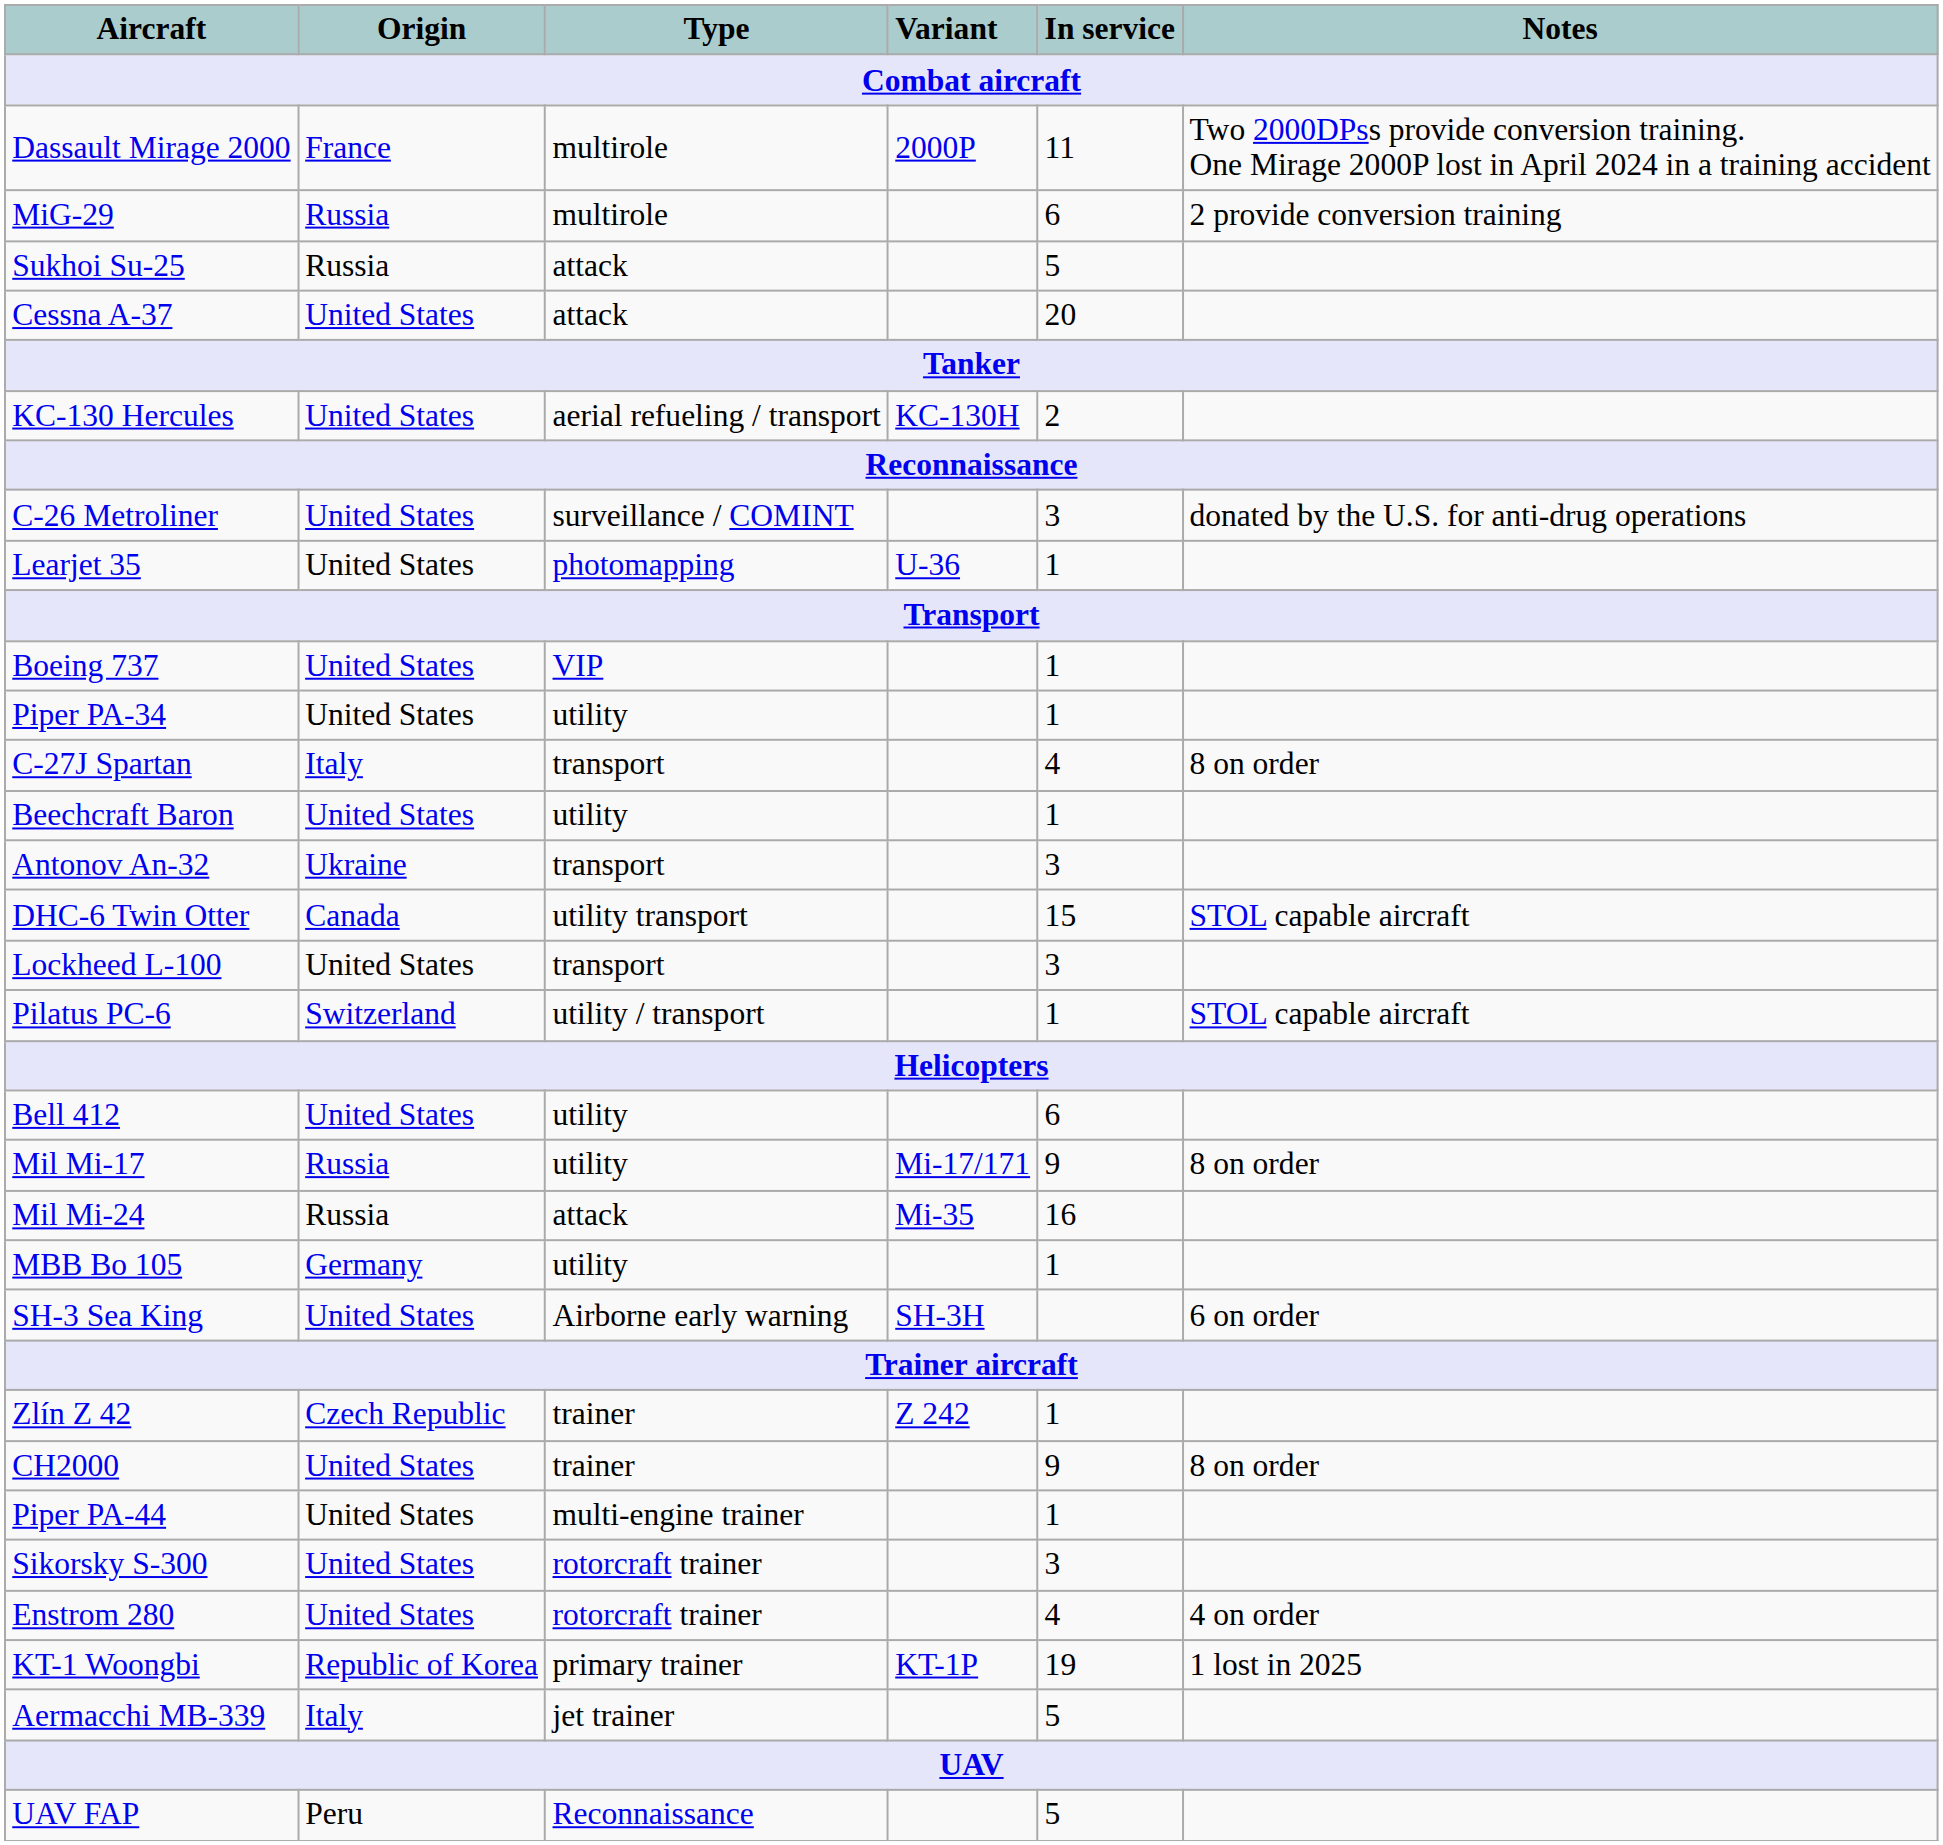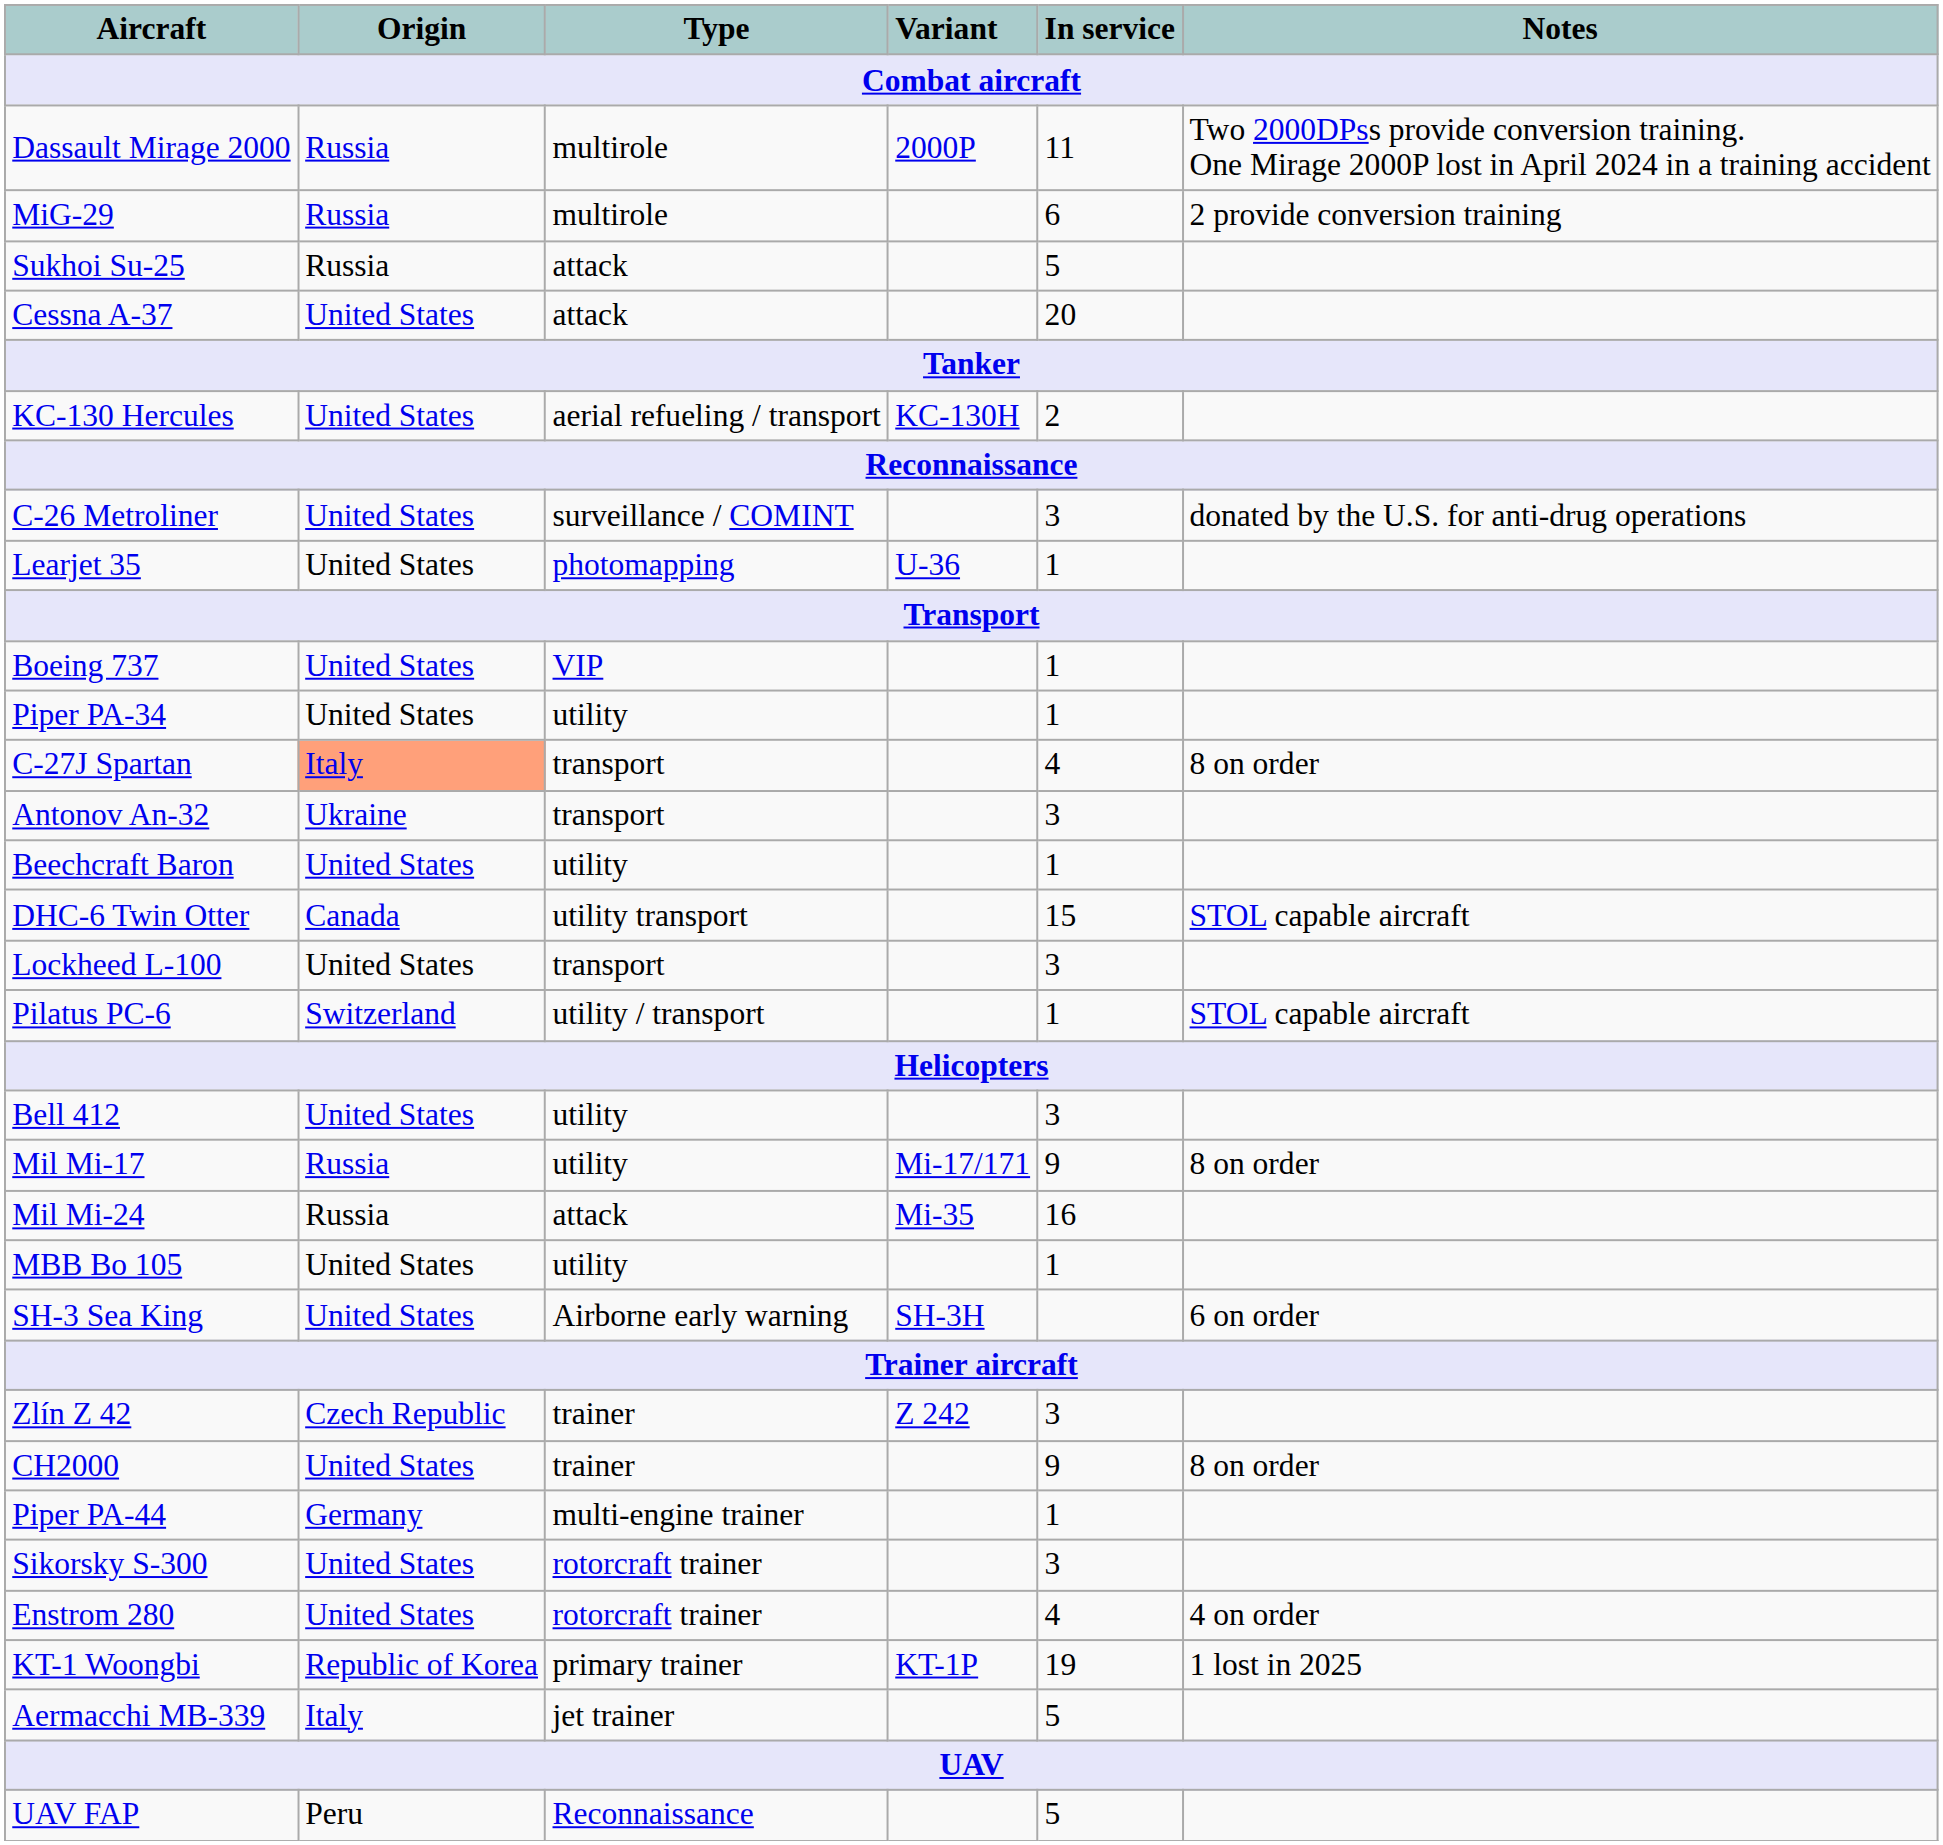 <table class="wikitable">
 <tr>
 <th style="text-align:center; background:#acc;">Aircraft</th>
 <th style="text-align: center; background:#acc;">Origin</th>
 <th style="text-align:l center; background:#acc;">Type</th>
 <th style="text-align:left; background:#acc;">Variant</th>
 <th style="text-align:center; background:#acc;">In service</th>
 <th style="text-align: center; background:#acc;">Notes</th>
 </tr>
 <tr>
 <th colspan="6" style="align: center; background: lavender;"><a href='#'>Combat aircraft</a></th>
 </tr>
 <tr>
 <td><a href='#'>Dassault Mirage 2000</a></td>
-<td><a href='#'>France</a></td>
+<td><a href='#'>Russia</a></td>
 <td>multirole</td>
 <td><a href='#'>2000P</a></td>
 <td>11</td>
 <td>Two <a href='#'>2000DPs</a>s provide conversion training.<br>One Mirage 2000P lost in April 2024 in a training accident</td>
 </tr>
 <tr>
 <td><a href='#'>MiG-29</a></td>
 <td><a href='#'>Russia</a></td>
 <td>multirole</td>
 <td></td>
 <td>6</td>
 <td>2 provide conversion training</td>
 </tr>
 <tr>
 <td><a href='#'>Sukhoi Su-25</a></td>
 <td>Russia</td>
 <td>attack</td>
 <td></td>
 <td>5</td>
 <td></td>
 </tr>
 <tr>
 <td><a href='#'>Cessna A-37</a></td>
 <td><a href='#'>United States</a></td>
 <td>attack</td>
 <td></td>
 <td>20</td>
 <td></td>
 </tr>
 <tr>
 <th colspan="6" style="align: center; background: lavender;"><a href='#'>Tanker</a></th>
 </tr>
 <tr>
 <td><a href='#'>KC-130 Hercules</a></td>
 <td><a href='#'>United States</a></td>
 <td>aerial refueling / transport</td>
 <td><a href='#'>KC-130H</a></td>
 <td>2</td>
 </tr>
 <tr>
 <th colspan="6" style="align: center; background: lavender;"><a href='#'>Reconnaissance</a></th>
 </tr>
 <tr>
 <td><a href='#'>C-26 Metroliner</a></td>
 <td><a href='#'>United States</a></td>
 <td>surveillance / <a href='#'>COMINT</a></td>
 <td></td>
 <td>3</td>
 <td>donated by the U.S. for anti-drug operations</td>
 </tr>
 <tr>
 <td><a href='#'>Learjet 35</a></td>
 <td>United States</td>
 <td><a href='#'>photomapping</a></td>
 <td><a href='#'>U-36</a></td>
 <td>1</td>
 <td></td>
 </tr>
 <tr>
 <th colspan="6" style="align: center; background: lavender;"><a href='#'>Transport</a></th>
 </tr>
 <tr>
 <td><a href='#'>Boeing 737</a></td>
 <td><a href='#'>United States</a></td>
 <td><a href='#'>VIP</a></td>
 <td></td>
 <td>1</td>
 <td></td>
 </tr>
 <tr>
 <td><a href='#'>Piper PA-34</a></td>
 <td>United States</td>
 <td>utility</td>
 <td></td>
 <td>1</td>
 <td></td>
 </tr>
 <tr>
 <td><a href='#'>C-27J Spartan</a></td>
-<td><a href='#'>Italy</a></td>
+<td style="background: lightsalmon;"><a href='#'>Italy</a></td>
 <td>transport</td>
 <td></td>
 <td>4</td>
 <td>8 on order</td>
+</tr>
+<tr>
+<td><a href='#'>Antonov An-32</a></td>
+<td><a href='#'>Ukraine</a></td>
+<td>transport</td>
+<td></td>
+<td>3</td>
+<td></td>
 </tr>
 <tr>
 <td><a href='#'>Beechcraft Baron</a></td>
 <td><a href='#'>United States</a></td>
 <td>utility</td>
 <td></td>
 <td>1</td>
-<td></td>
-</tr>
-<tr>
-<td><a href='#'>Antonov An-32</a></td>
-<td><a href='#'>Ukraine</a></td>
-<td>transport</td>
-<td></td>
-<td>3</td>
 <td></td>
 </tr>
 <tr>
 <td><a href='#'>DHC-6 Twin Otter</a></td>
 <td><a href='#'>Canada</a></td>
 <td>utility transport</td>
 <td></td>
 <td>15</td>
 <td><a href='#'>STOL</a> capable aircraft</td>
 </tr>
 <tr>
 <td><a href='#'>Lockheed L-100</a></td>
 <td>United States</td>
 <td>transport</td>
 <td></td>
 <td>3</td>
 <td></td>
 </tr>
 <tr>
 <td><a href='#'>Pilatus PC-6</a></td>
 <td><a href='#'>Switzerland</a></td>
 <td>utility / transport</td>
 <td></td>
 <td>1</td>
 <td><a href='#'>STOL</a> capable aircraft</td>
 </tr>
 <tr>
 <th colspan="6" style="align: center; background: lavender;"><a href='#'>Helicopters</a></th>
 </tr>
 <tr>
 <td><a href='#'>Bell 412</a></td>
 <td><a href='#'>United States</a></td>
 <td>utility</td>
 <td></td>
-<td>6</td>
+<td>3</td>
 <td></td>
 </tr>
 <tr>
 <td><a href='#'>Mil Mi-17</a></td>
 <td><a href='#'>Russia</a></td>
 <td>utility</td>
 <td><a href='#'>Mi-17/171</a></td>
 <td>9</td>
 <td>8 on order</td>
 </tr>
 <tr>
 <td><a href='#'>Mil Mi-24</a></td>
 <td>Russia</td>
 <td>attack</td>
 <td><a href='#'>Mi-35</a></td>
 <td>16</td>
 <td></td>
 </tr>
 <tr>
 <td><a href='#'>MBB Bo 105</a></td>
-<td><a href='#'>Germany</a></td>
+<td>United States</td>
 <td>utility</td>
 <td></td>
 <td>1</td>
 <td></td>
 </tr>
 <tr>
 <td><a href='#'>SH-3 Sea King</a></td>
 <td><a href='#'>United States</a></td>
 <td>Airborne early warning</td>
 <td><a href='#'>SH-3H</a></td>
 <td></td>
 <td>6 on order</td>
 </tr>
 <tr>
 <th colspan="6" style="align: center; background: lavender;"><a href='#'>Trainer aircraft</a></th>
 </tr>
 <tr>
 <td><a href='#'>Zlín Z 42</a></td>
 <td><a href='#'>Czech Republic</a></td>
 <td>trainer</td>
 <td><a href='#'>Z 242</a></td>
-<td>1</td>
+<td>3</td>
 <td></td>
 </tr>
 <tr>
 <td><a href='#'>CH2000</a></td>
 <td><a href='#'>United States</a></td>
 <td>trainer</td>
 <td></td>
 <td>9</td>
 <td>8 on order</td>
 </tr>
 <tr>
 <td><a href='#'>Piper PA-44</a></td>
-<td>United States</td>
+<td><a href='#'>Germany</a></td>
 <td>multi-engine trainer</td>
 <td></td>
 <td>1</td>
 <td></td>
 </tr>
 <tr>
 <td><a href='#'>Sikorsky S-300</a></td>
 <td><a href='#'>United States</a></td>
 <td><a href='#'>rotorcraft</a> trainer</td>
 <td></td>
 <td>3</td>
 <td></td>
 </tr>
 <tr>
 <td><a href='#'>Enstrom 280</a></td>
 <td><a href='#'>United States</a></td>
 <td><a href='#'>rotorcraft</a> trainer</td>
 <td></td>
 <td>4</td>
 <td>4 on order</td>
 </tr>
 <tr>
 <td><a href='#'>KT-1 Woongbi</a></td>
 <td><a href='#'>Republic of Korea</a></td>
 <td>primary trainer</td>
 <td><a href='#'>KT-1P</a></td>
 <td>19</td>
 <td>1 lost in 2025</td>
 </tr>
 <tr>
 <td><a href='#'>Aermacchi MB-339</a></td>
 <td><a href='#'>Italy</a></td>
 <td>jet trainer</td>
 <td></td>
 <td>5</td>
 <td></td>
 </tr>
 <tr>
 <th colspan="6" style="align: center; background: lavender;"><a href='#'>UAV</a></th>
 </tr>
 <tr>
 <td><a href='#'>UAV FAP</a></td>
 <td>Peru</td>
 <td><a href='#'>Reconnaissance</a></td>
 <td></td>
 <td>5</td>
 </tr>
 </table>
